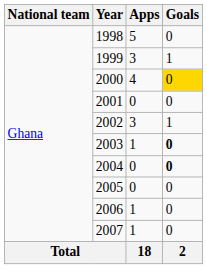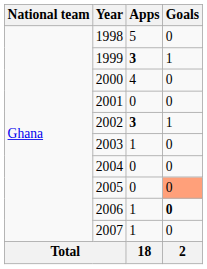 <table class="wikitable">
 <tr>
 <th>National team</th>
 <th>Year</th>
 <th>Apps</th>
 <th>Goals</th>
 </tr>
 <tr>
 <td rowspan="10"><a href='#'>Ghana</a></td>
 <td>1998</td>
 <td>5</td>
 <td>0</td>
 </tr>
 <tr>
 <td>1999</td>
-<td>3</td>
+<td><strong>3</strong></td>
 <td>1</td>
 </tr>
 <tr>
 <td>2000</td>
 <td>4</td>
-<td style="background: gold;">0</td>
+<td>0</td>
 </tr>
 <tr>
 <td>2001</td>
 <td>0</td>
 <td>0</td>
 </tr>
 <tr>
 <td>2002</td>
-<td>3</td>
+<td><strong>3</strong></td>
 <td>1</td>
 </tr>
 <tr>
 <td>2003</td>
 <td>1</td>
-<td><strong>0</strong></td>
+<td>0</td>
 </tr>
 <tr>
 <td>2004</td>
 <td>0</td>
-<td><strong>0</strong></td>
+<td>0</td>
 </tr>
 <tr>
 <td>2005</td>
 <td>0</td>
-<td>0</td>
+<td style="background: lightsalmon;">0</td>
 </tr>
 <tr>
 <td>2006</td>
 <td>1</td>
-<td>0</td>
+<td><strong>0</strong></td>
 </tr>
 <tr>
 <td>2007</td>
 <td>1</td>
 <td>0</td>
 </tr>
 <tr>
 <th colspan="2">Total</th>
 <th>18</th>
 <th>2</th>
 </tr>
 </table>
